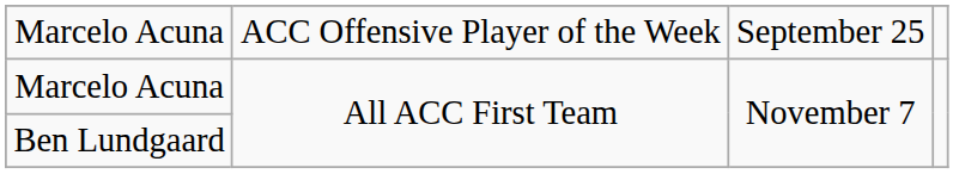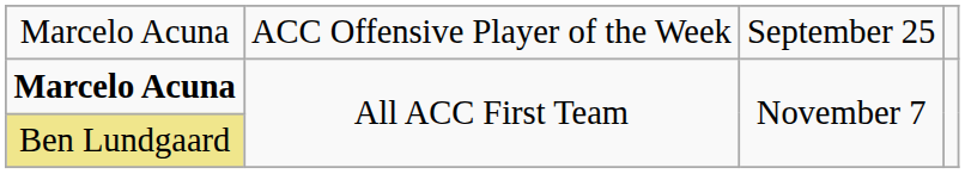 <table class="wikitable sortable" style="text-align: center">
 <tr>
 <td>Marcelo Acuna</td>
 <td>ACC Offensive Player of the Week</td>
 <td>September 25</td>
 <td></td>
 </tr>
 <tr>
-<td>Marcelo Acuna</td>
+<td><strong>Marcelo Acuna</strong></td>
 <td rowspan="2">All ACC First Team</td>
 <td rowspan="2">November 7</td>
 <td rowspan="2"></td>
 </tr>
 <tr>
-<td>Ben Lundgaard</td>
+<td style="background: khaki;">Ben Lundgaard</td>
 </tr>
 </table>
